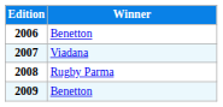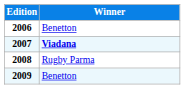 <table class="wikitable" style="font-size:90%; width:auto">
 <tr>
 <th width="20%" style="background:#0981E7;color:#FFFFFF">Edition</th>
 <th width="80%" style="background:#0981E7;color:#FFFFFF">Winner</th>
 </tr>
 <tr bgcolor="#FFFFFF">
 <td align="center"><strong>2006</strong></td>
 <td align="left"><a href='#'>Benetton</a></td>
 </tr>
 <tr bgcolor="#EBF8FD">
 <td align="center"><strong>2007</strong></td>
-<td align="left"><a href='#'>Viadana</a></td>
+<td align="left"><strong><a href='#'>Viadana</a></strong></td>
 </tr>
 <tr bgcolor="#FFFFFF">
 <td align="center"><strong>2008</strong></td>
 <td align="left"><a href='#'>Rugby Parma</a></td>
 </tr>
 <tr bgcolor="#EBF8FD">
 <td align="center"><strong>2009</strong></td>
 <td align="left"><a href='#'>Benetton</a></td>
 </tr>
 </table>
